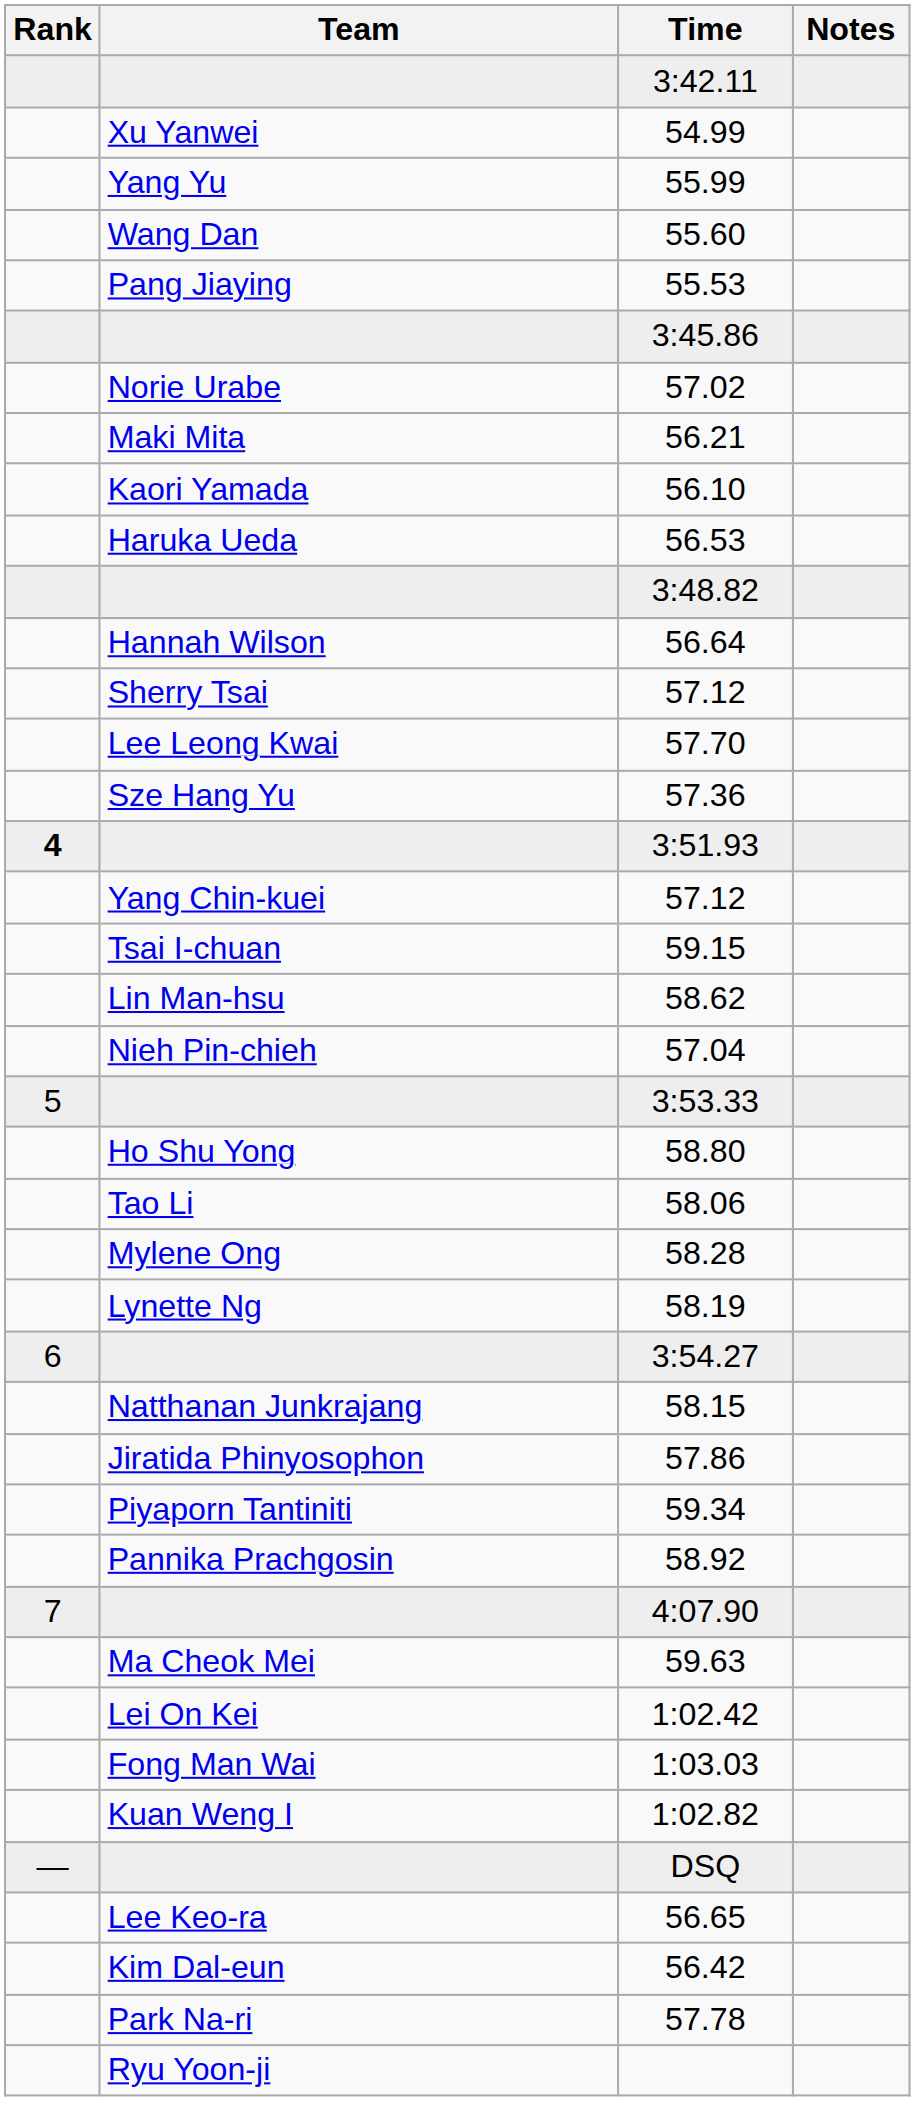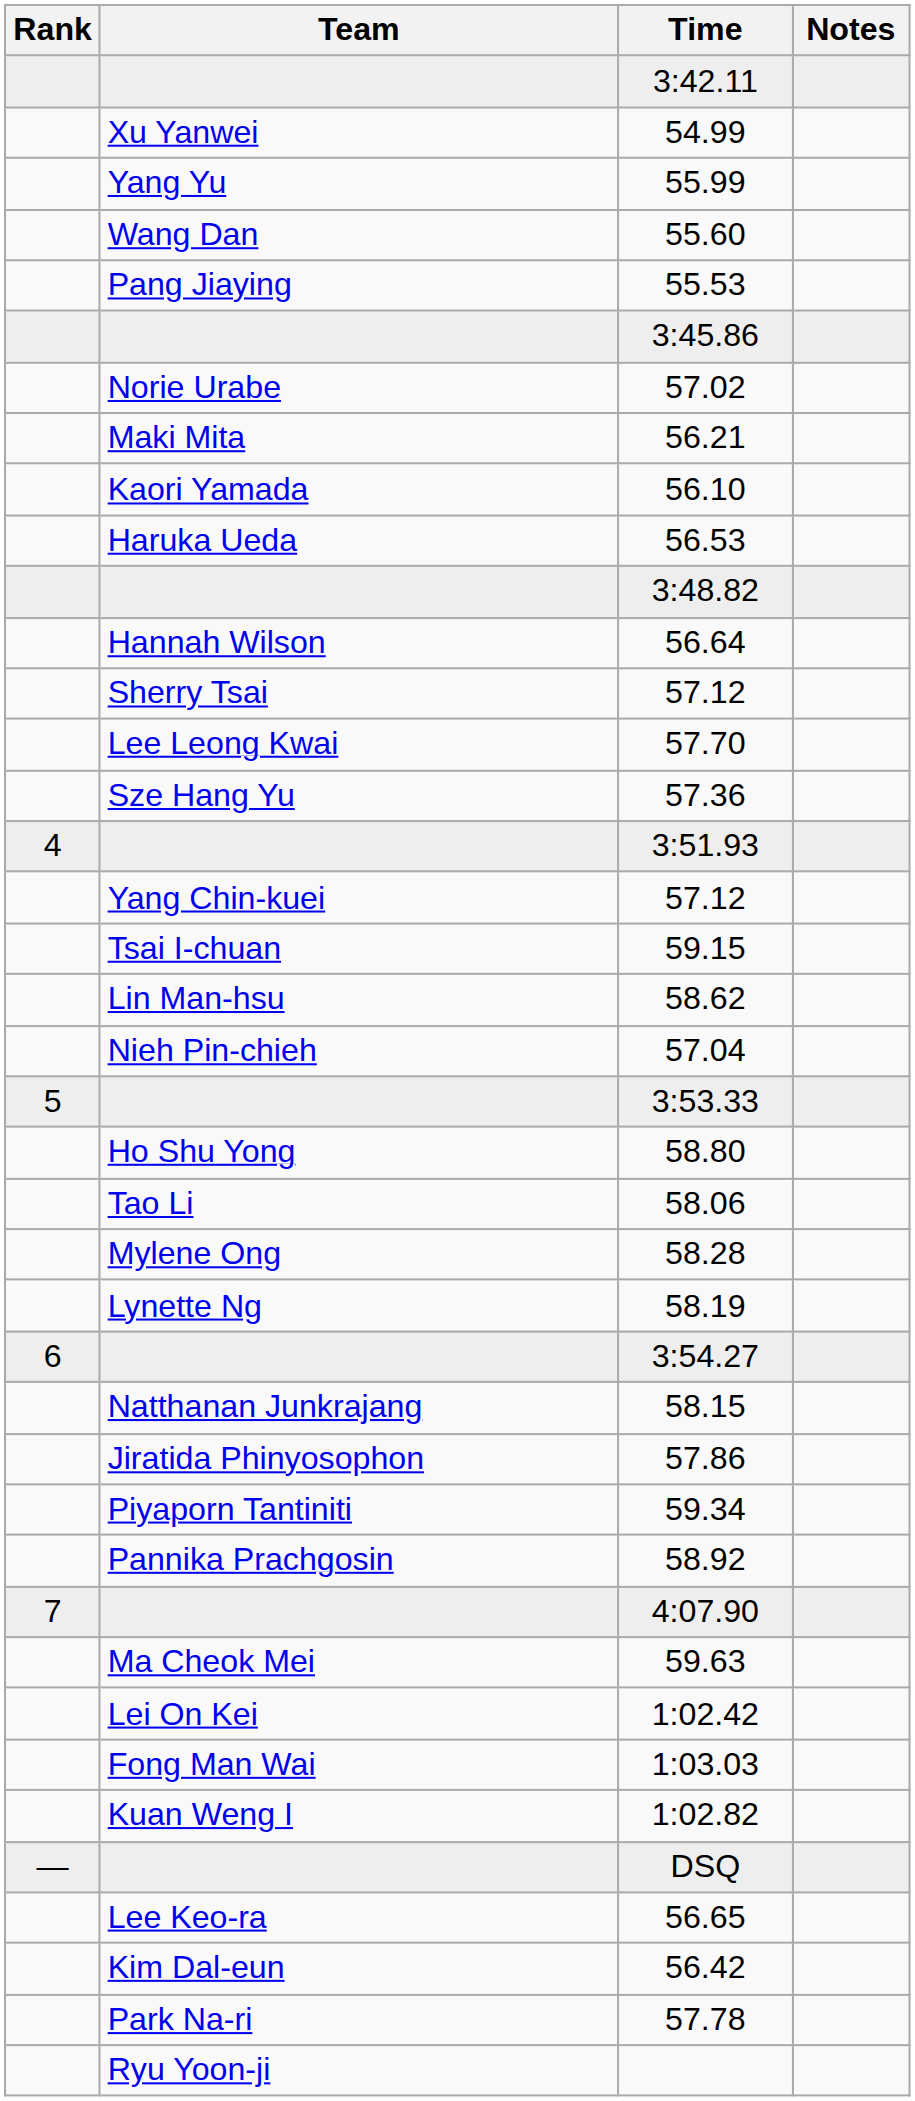 <table class="wikitable" style="text-align:center">
 <tr>
 <th width=40>Rank</th>
 <th width=250>Team</th>
 <th width=80>Time</th>
 <th width=50>Notes</th>
 </tr>
 <tr bgcolor=eeeeee>
 <td></td>
 <td align=left></td>
 <td>3:42.11</td>
 <td></td>
 </tr>
 <tr>
 <td></td>
 <td align=left><a href='#'>Xu Yanwei</a></td>
 <td>54.99</td>
 <td></td>
 </tr>
 <tr>
 <td></td>
 <td align=left><a href='#'>Yang Yu</a></td>
 <td>55.99</td>
 <td></td>
 </tr>
 <tr>
 <td></td>
 <td align=left><a href='#'>Wang Dan</a></td>
 <td>55.60</td>
 <td></td>
 </tr>
 <tr>
 <td></td>
 <td align=left><a href='#'>Pang Jiaying</a></td>
 <td>55.53</td>
 <td></td>
 </tr>
 <tr bgcolor=eeeeee>
 <td></td>
 <td align=left></td>
 <td>3:45.86</td>
 <td></td>
 </tr>
 <tr>
 <td></td>
 <td align=left><a href='#'>Norie Urabe</a></td>
 <td>57.02</td>
 <td></td>
 </tr>
 <tr>
 <td></td>
 <td align=left><a href='#'>Maki Mita</a></td>
 <td>56.21</td>
 <td></td>
 </tr>
 <tr>
 <td></td>
 <td align=left><a href='#'>Kaori Yamada</a></td>
 <td>56.10</td>
 <td></td>
 </tr>
 <tr>
 <td></td>
 <td align=left><a href='#'>Haruka Ueda</a></td>
 <td>56.53</td>
 <td></td>
 </tr>
 <tr bgcolor=eeeeee>
 <td></td>
 <td align=left></td>
 <td>3:48.82</td>
 <td></td>
 </tr>
 <tr>
 <td></td>
 <td align=left><a href='#'>Hannah Wilson</a></td>
 <td>56.64</td>
 <td></td>
 </tr>
 <tr>
 <td></td>
 <td align=left><a href='#'>Sherry Tsai</a></td>
 <td>57.12</td>
 <td></td>
 </tr>
 <tr>
 <td></td>
 <td align=left><a href='#'>Lee Leong Kwai</a></td>
 <td>57.70</td>
 <td></td>
 </tr>
 <tr>
 <td></td>
 <td align=left><a href='#'>Sze Hang Yu</a></td>
 <td>57.36</td>
 <td></td>
 </tr>
 <tr bgcolor=eeeeee>
-<td><strong>4</strong></td>
+<td>4</td>
 <td align=left></td>
 <td>3:51.93</td>
 <td></td>
 </tr>
 <tr>
 <td></td>
 <td align=left><a href='#'>Yang Chin-kuei</a></td>
 <td>57.12</td>
 <td></td>
 </tr>
 <tr>
 <td></td>
 <td align=left><a href='#'>Tsai I-chuan</a></td>
 <td>59.15</td>
 <td></td>
 </tr>
 <tr>
 <td></td>
 <td align=left><a href='#'>Lin Man-hsu</a></td>
 <td>58.62</td>
 <td></td>
 </tr>
 <tr>
 <td></td>
 <td align=left><a href='#'>Nieh Pin-chieh</a></td>
 <td>57.04</td>
 <td></td>
 </tr>
 <tr bgcolor=eeeeee>
 <td>5</td>
 <td align=left></td>
 <td>3:53.33</td>
 <td></td>
 </tr>
 <tr>
 <td></td>
 <td align=left><a href='#'>Ho Shu Yong</a></td>
 <td>58.80</td>
 <td></td>
 </tr>
 <tr>
 <td></td>
 <td align=left><a href='#'>Tao Li</a></td>
 <td>58.06</td>
 <td></td>
 </tr>
 <tr>
 <td></td>
 <td align=left><a href='#'>Mylene Ong</a></td>
 <td>58.28</td>
 <td></td>
 </tr>
 <tr>
 <td></td>
 <td align=left><a href='#'>Lynette Ng</a></td>
 <td>58.19</td>
 <td></td>
 </tr>
 <tr bgcolor=eeeeee>
 <td>6</td>
 <td align=left></td>
 <td>3:54.27</td>
 <td></td>
 </tr>
 <tr>
 <td></td>
 <td align=left><a href='#'>Natthanan Junkrajang</a></td>
 <td>58.15</td>
 <td></td>
 </tr>
 <tr>
 <td></td>
 <td align=left><a href='#'>Jiratida Phinyosophon</a></td>
 <td>57.86</td>
 <td></td>
 </tr>
 <tr>
 <td></td>
 <td align=left><a href='#'>Piyaporn Tantiniti</a></td>
 <td>59.34</td>
 <td></td>
 </tr>
 <tr>
 <td></td>
 <td align=left><a href='#'>Pannika Prachgosin</a></td>
 <td>58.92</td>
 <td></td>
 </tr>
 <tr bgcolor=eeeeee>
 <td>7</td>
 <td align=left></td>
 <td>4:07.90</td>
 <td></td>
 </tr>
 <tr>
 <td></td>
 <td align=left><a href='#'>Ma Cheok Mei</a></td>
 <td>59.63</td>
 <td></td>
 </tr>
 <tr>
 <td></td>
 <td align=left><a href='#'>Lei On Kei</a></td>
 <td>1:02.42</td>
 <td></td>
 </tr>
 <tr>
 <td></td>
 <td align=left><a href='#'>Fong Man Wai</a></td>
 <td>1:03.03</td>
 <td></td>
 </tr>
 <tr>
 <td></td>
 <td align=left><a href='#'>Kuan Weng I</a></td>
 <td>1:02.82</td>
 <td></td>
 </tr>
 <tr bgcolor=eeeeee>
 <td>—</td>
 <td align=left></td>
 <td>DSQ</td>
 <td></td>
 </tr>
 <tr>
 <td></td>
 <td align=left><a href='#'>Lee Keo-ra</a></td>
 <td>56.65</td>
 <td></td>
 </tr>
 <tr>
 <td></td>
 <td align=left><a href='#'>Kim Dal-eun</a></td>
 <td>56.42</td>
 <td></td>
 </tr>
 <tr>
 <td></td>
 <td align=left><a href='#'>Park Na-ri</a></td>
 <td>57.78</td>
 <td></td>
 </tr>
 <tr>
 <td></td>
 <td align=left><a href='#'>Ryu Yoon-ji</a></td>
 <td></td>
 <td></td>
 </tr>
 </table>
